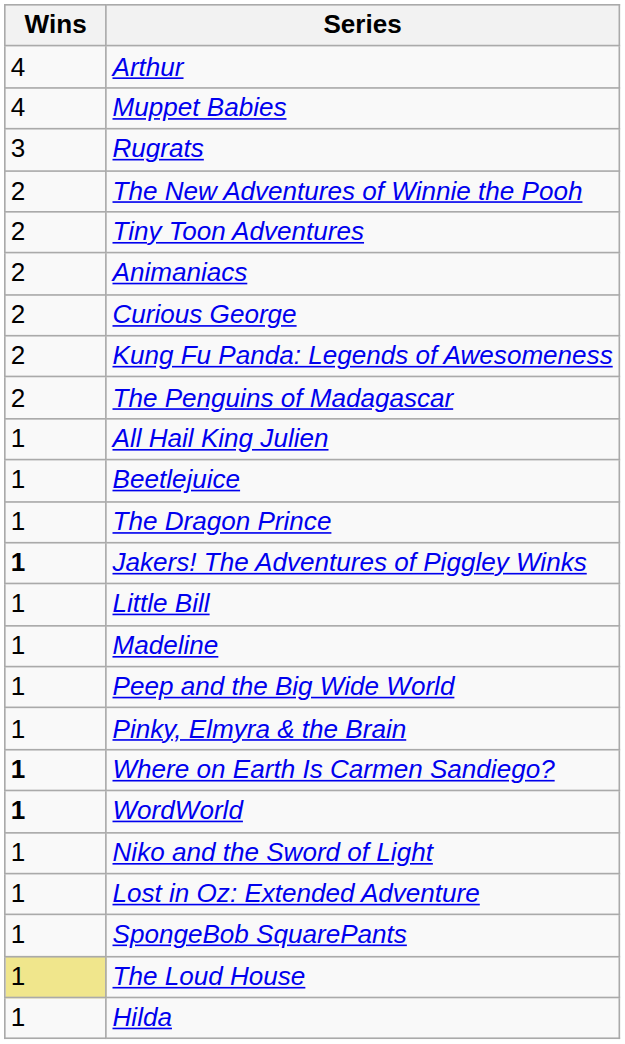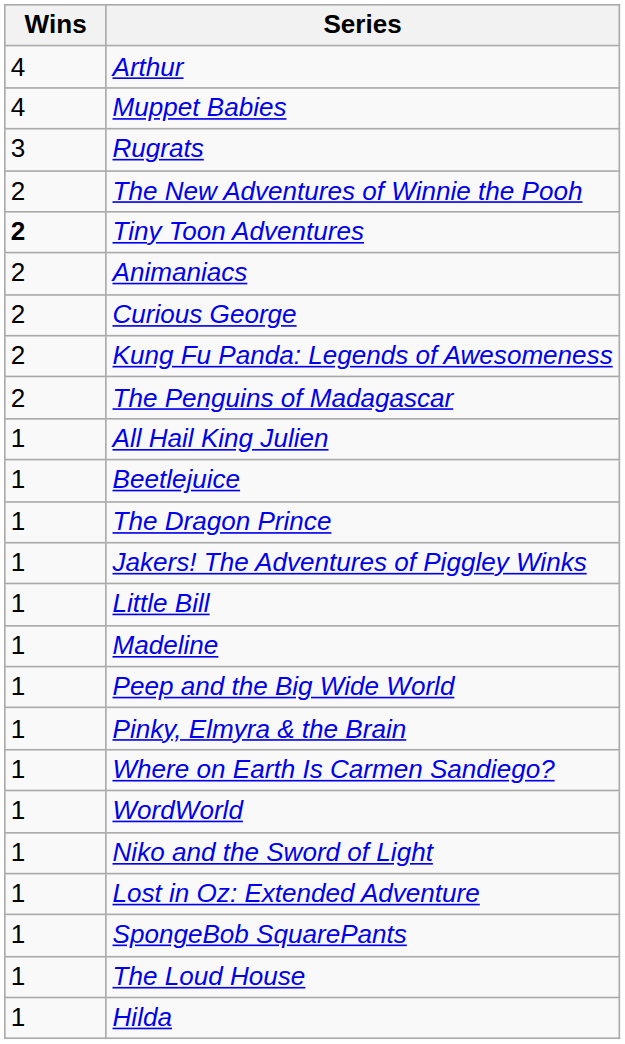 <table class="wikitable sortable">
 <tr>
 <th style="width:55px;">Wins</th>
 <th>Series</th>
 </tr>
 <tr>
 <td>4</td>
 <td><em><a href='#'>Arthur</a></em></td>
 </tr>
 <tr>
 <td>4</td>
 <td><em><a href='#'>Muppet Babies</a></em></td>
 </tr>
 <tr>
 <td>3</td>
 <td><em><a href='#'>Rugrats</a></em></td>
 </tr>
 <tr>
 <td>2</td>
 <td><em><a href='#'>The New Adventures of Winnie the Pooh</a></em></td>
 </tr>
 <tr>
-<td>2</td>
+<td><strong>2</strong></td>
 <td><em><a href='#'>Tiny Toon Adventures</a></em></td>
 </tr>
 <tr>
 <td>2</td>
 <td><em><a href='#'>Animaniacs</a></em></td>
 </tr>
 <tr>
 <td>2</td>
 <td><em><a href='#'>Curious George</a></em></td>
 </tr>
 <tr>
 <td>2</td>
 <td><em><a href='#'>Kung Fu Panda: Legends of Awesomeness</a></em></td>
 </tr>
 <tr>
 <td>2</td>
 <td><em><a href='#'>The Penguins of Madagascar</a></em></td>
 </tr>
 <tr>
 <td>1</td>
 <td><em><a href='#'>All Hail King Julien</a></em></td>
 </tr>
 <tr>
 <td>1</td>
 <td><em><a href='#'>Beetlejuice</a></em></td>
 </tr>
 <tr>
 <td>1</td>
 <td><em><a href='#'>The Dragon Prince</a></em></td>
 </tr>
 <tr>
-<td><strong>1</strong></td>
+<td>1</td>
 <td><em><a href='#'>Jakers! The Adventures of Piggley Winks</a></em></td>
 </tr>
 <tr>
 <td>1</td>
 <td><em><a href='#'>Little Bill</a></em></td>
 </tr>
 <tr>
 <td>1</td>
 <td><em><a href='#'>Madeline</a></em></td>
 </tr>
 <tr>
 <td>1</td>
 <td><em><a href='#'>Peep and the Big Wide World</a></em></td>
 </tr>
 <tr>
 <td>1</td>
 <td><em><a href='#'>Pinky, Elmyra & the Brain</a></em></td>
 </tr>
 <tr>
-<td><strong>1</strong></td>
+<td>1</td>
 <td><em><a href='#'>Where on Earth Is Carmen Sandiego?</a></em></td>
 </tr>
 <tr>
-<td><strong>1</strong></td>
+<td>1</td>
 <td><em><a href='#'>WordWorld</a></em></td>
 </tr>
 <tr>
 <td>1</td>
 <td><em><a href='#'>Niko and the Sword of Light</a></em></td>
 </tr>
 <tr>
 <td>1</td>
 <td><em><a href='#'>Lost in Oz: Extended Adventure</a></em></td>
 </tr>
 <tr>
 <td>1</td>
 <td><em><a href='#'>SpongeBob SquarePants</a></em></td>
 </tr>
 <tr>
-<td style="background: khaki;">1</td>
+<td>1</td>
 <td><em><a href='#'>The Loud House</a></em></td>
 </tr>
 <tr>
 <td>1</td>
 <td><em><a href='#'>Hilda</a></em></td>
 </tr>
 </table>
